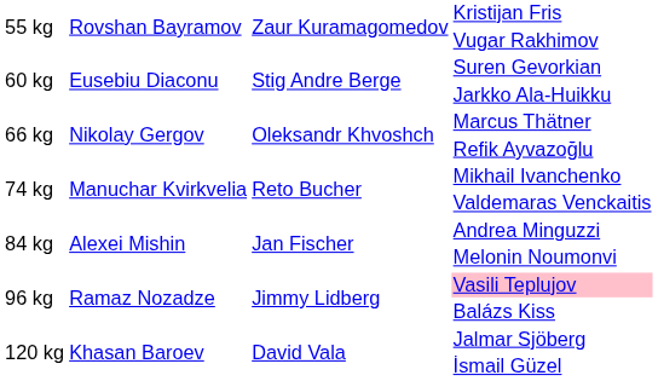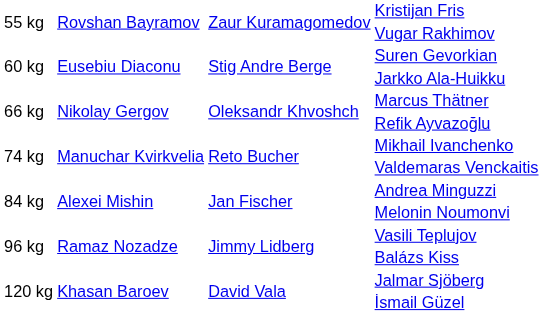 <table>
 <tr>
 <td rowspan=2>55 kg</td>
 <td rowspan=2><a href='#'>Rovshan Bayramov</a> <br></td>
 <td rowspan=2><a href='#'>Zaur Kuramagomedov</a> <br></td>
 <td><a href='#'>Kristijan Fris</a> <br></td>
 </tr>
 <tr>
 <td><a href='#'>Vugar Rakhimov</a> <br></td>
 </tr>
 <tr>
 <td rowspan=2>60 kg</td>
 <td rowspan=2><a href='#'>Eusebiu Diaconu</a> <br></td>
 <td rowspan=2><a href='#'>Stig Andre Berge</a> <br></td>
 <td><a href='#'>Suren Gevorkian</a> <br></td>
 </tr>
 <tr>
 <td><a href='#'>Jarkko Ala-Huikku</a> <br></td>
 </tr>
 <tr>
 <td rowspan=2>66 kg</td>
 <td rowspan=2><a href='#'>Nikolay Gergov</a> <br></td>
 <td rowspan=2><a href='#'>Oleksandr Khvoshch</a> <br></td>
 <td><a href='#'>Marcus Thätner</a> <br></td>
 </tr>
 <tr>
 <td><a href='#'>Refik Ayvazoğlu</a> <br></td>
 </tr>
 <tr>
 <td rowspan=2>74 kg</td>
 <td rowspan=2><a href='#'>Manuchar Kvirkvelia</a> <br></td>
 <td rowspan=2><a href='#'>Reto Bucher</a> <br></td>
 <td><a href='#'>Mikhail Ivanchenko</a> <br></td>
 </tr>
 <tr>
 <td><a href='#'>Valdemaras Venckaitis</a> <br></td>
 </tr>
 <tr>
 <td rowspan=2>84 kg</td>
 <td rowspan=2><a href='#'>Alexei Mishin</a> <br></td>
 <td rowspan=2><a href='#'>Jan Fischer</a> <br></td>
 <td><a href='#'>Andrea Minguzzi</a> <br></td>
 </tr>
 <tr>
 <td><a href='#'>Melonin Noumonvi</a> <br></td>
 </tr>
 <tr>
 <td rowspan=2>96 kg</td>
 <td rowspan=2><a href='#'>Ramaz Nozadze</a> <br></td>
 <td rowspan=2><a href='#'>Jimmy Lidberg</a> <br></td>
-<td style="background: pink;"><a href='#'>Vasili Teplujov</a> <br></td>
+<td><a href='#'>Vasili Teplujov</a> <br></td>
 </tr>
 <tr>
 <td><a href='#'>Balázs Kiss</a> <br></td>
 </tr>
 <tr>
 <td rowspan=2>120 kg</td>
 <td rowspan=2><a href='#'>Khasan Baroev</a> <br></td>
 <td rowspan=2><a href='#'>David Vala</a> <br></td>
 <td><a href='#'>Jalmar Sjöberg</a> <br></td>
 </tr>
 <tr>
 <td><a href='#'>İsmail Güzel</a> <br></td>
 </tr>
 </table>
